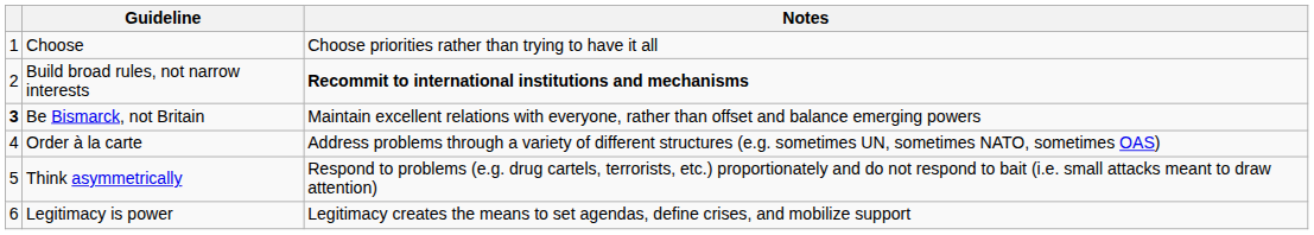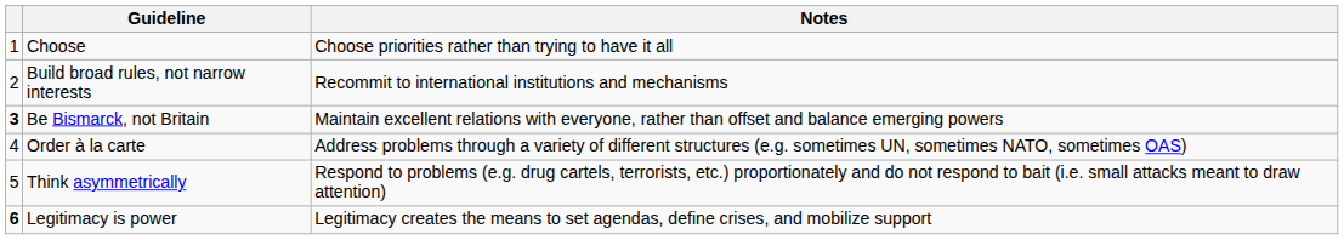 <table class="wikitable">
 <tr>
 <th></th>
 <th>Guideline</th>
 <th>Notes</th>
 </tr>
 <tr>
 <td>1 <br></td>
 <td>Choose</td>
 <td>Choose priorities rather than trying to have it all</td>
 </tr>
 <tr>
 <td>2 <br></td>
 <td>Build broad rules, not narrow interests</td>
-<td><strong>Recommit to international institutions and mechanisms</strong></td>
+<td>Recommit to international institutions and mechanisms</td>
 </tr>
 <tr>
 <td><strong>3 <br></strong></td>
 <td>Be <a href='#'>Bismarck</a>, not Britain</td>
 <td>Maintain excellent relations with everyone, rather than offset and balance emerging powers</td>
 </tr>
 <tr>
 <td>4 <br></td>
 <td>Order à la carte</td>
 <td>Address problems through a variety of different structures (e.g. sometimes UN, sometimes NATO, sometimes <a href='#'>OAS</a>)</td>
 </tr>
 <tr>
 <td>5 <br></td>
 <td>Think <a href='#'>asymmetrically</a></td>
 <td>Respond to problems (e.g. drug cartels, terrorists, etc.) proportionately and do not respond to bait (i.e. small attacks meant to draw attention)</td>
 </tr>
 <tr>
-<td>6 <br></td>
+<td><strong>6 <br></strong></td>
 <td>Legitimacy is power</td>
 <td>Legitimacy creates the means to set agendas, define crises, and mobilize support</td>
 </tr>
 </table>
